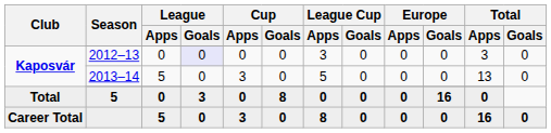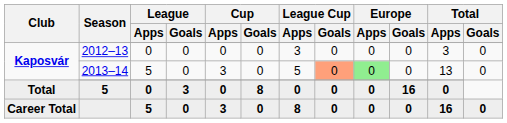 <table class="wikitable" style="font-size:90%; text-align: center;">
 <tr>
 <th rowspan="2">Club</th>
 <th rowspan="2">Season</th>
 <th colspan="2">League</th>
 <th colspan="2">Cup</th>
 <th colspan="2">League Cup</th>
 <th colspan="2">Europe</th>
 <th colspan="2">Total</th>
 </tr>
 <tr>
 <th>Apps</th>
 <th>Goals</th>
 <th>Apps</th>
 <th>Goals</th>
 <th>Apps</th>
 <th>Goals</th>
 <th>Apps</th>
 <th>Goals</th>
 <th>Apps</th>
 <th>Goals</th>
 </tr>
 <tr ||-||-||-|->
 <td rowspan="4" valign="center"><strong><a href='#'>Kaposvár</a></strong></td>
 </tr>
 <tr>
 <td><a href='#'>2012–13</a></td>
 <td>0</td>
-<td style="background: lavender;">0</td>
+<td>0</td>
 <td>0</td>
 <td>0</td>
 <td>3</td>
 <td>0</td>
 <td>0</td>
 <td>0</td>
 <td>3</td>
 <td>0</td>
 </tr>
 <tr>
 <td><a href='#'>2013–14</a></td>
 <td>5</td>
 <td>0</td>
 <td>3</td>
 <td>0</td>
 <td>5</td>
-<td>0</td>
-<td>0</td>
+<td style="background: lightsalmon;">0</td>
+<td style="background: lightgreen;">0</td>
 <td>0</td>
 <td>13</td>
 <td>0</td>
 </tr>
 <tr>
 </tr>
 <tr style="font-weight:bold; background-color:#eeeeee;">
 <td>Total</td>
 <td>5</td>
 <td>0</td>
 <td>3</td>
 <td>0</td>
 <td>8</td>
 <td>0</td>
 <td>0</td>
 <td>0</td>
 <td>16</td>
 <td>0</td>
 </tr>
 <tr style="font-weight:bold; background-color:#eeeeee;">
 <td rowspan="1" valign="top"><strong>Career Total</strong></td>
 <td></td>
 <td><strong>5</strong></td>
 <td><strong>0</strong></td>
 <td><strong>3</strong></td>
 <td><strong>0</strong></td>
 <td><strong>8</strong></td>
 <td><strong>0</strong></td>
 <td><strong>0</strong></td>
 <td><strong>0</strong></td>
 <td><strong>16</strong></td>
 <td><strong>0</strong></td>
 </tr>
 </table>
